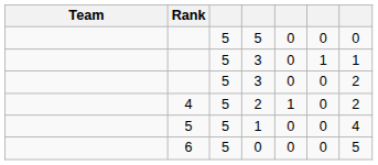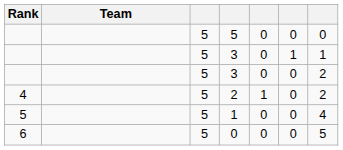 <table class="wikitable" style="text-align: center;">
 <tr>
+<th width=40>Rank</th>
 <th width=180>Team</th>
-<th width=40>Rank</th>
 <th width=30></th>
 <th width=30></th>
 <th width=30></th>
 <th width=30></th>
 <th width=30></th>
 </tr>
 <tr>
+<td></td>
 <td align="left"></td>
-<td></td>
 <td>5</td>
 <td>5</td>
 <td>0</td>
 <td>0</td>
 <td>0</td>
 </tr>
 <tr>
+<td></td>
 <td align="left"></td>
-<td></td>
 <td>5</td>
 <td>3</td>
 <td>0</td>
 <td>1</td>
 <td>1</td>
 </tr>
 <tr>
+<td></td>
 <td align="left"></td>
-<td></td>
 <td>5</td>
 <td>3</td>
 <td>0</td>
 <td>0</td>
 <td>2</td>
 </tr>
 <tr>
+<td>4</td>
 <td align="left"></td>
-<td>4</td>
 <td>5</td>
 <td>2</td>
 <td>1</td>
 <td>0</td>
 <td>2</td>
 </tr>
 <tr>
+<td>5</td>
 <td align="left"></td>
-<td>5</td>
 <td>5</td>
 <td>1</td>
 <td>0</td>
 <td>0</td>
 <td>4</td>
 </tr>
 <tr>
+<td>6</td>
 <td align="left"></td>
-<td>6</td>
 <td>5</td>
 <td>0</td>
 <td>0</td>
 <td>0</td>
 <td>5</td>
 </tr>
 </table>
